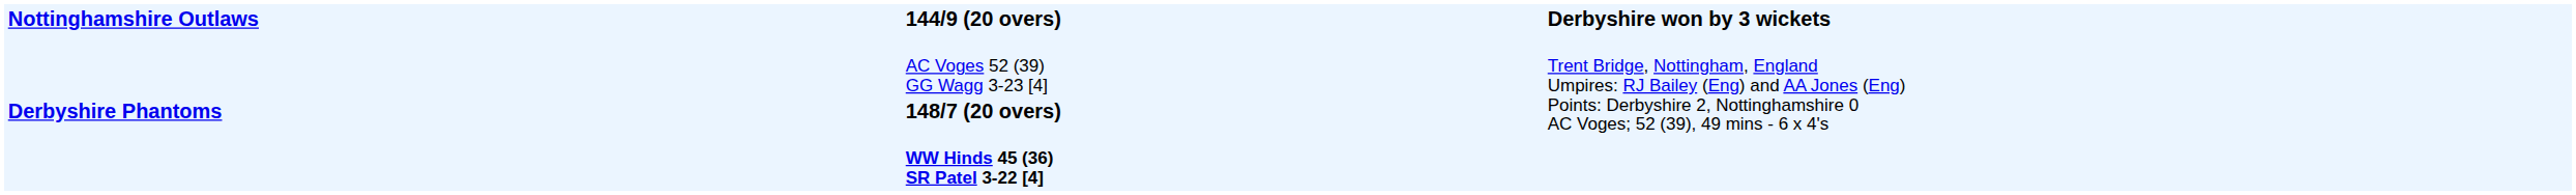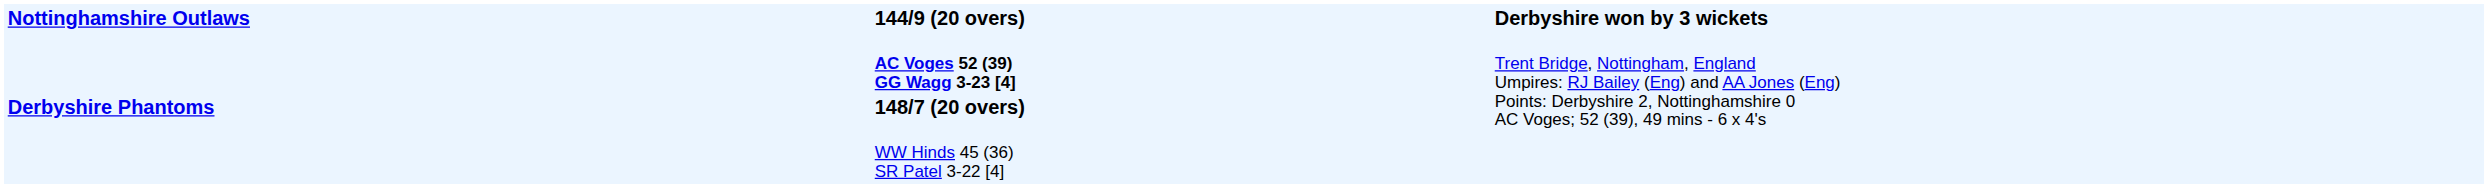 <table style="width:100%; background:#ebf5ff;">
 <tr>
 <td style="width:35%; vertical-align:top;" rowspan="2"><strong><a href='#'>Nottinghamshire Outlaws</a></strong></td>
 <td style="width:25%;"><strong>144/9 (20 overs)</strong></td>
 <td style="width:40%;"><strong>Derbyshire won by 3 wickets</strong></td>
 </tr>
 <tr>
-<td style="font-size: 85%;"><br><a href='#'>AC Voges</a> 52 (39)<br> <a href='#'>GG Wagg</a> 3-23 [4]</td>
+<td style="font-size: 85%;"><strong><br><a href='#'>AC Voges</a> 52 (39)<br> <a href='#'>GG Wagg</a> 3-23 [4]</strong></td>
 <td style="vertical-align:top; font-size:85%;" rowspan="3"><br><a href='#'>Trent Bridge</a>, <a href='#'>Nottingham</a>, <a href='#'>England</a><br> Umpires: <a href='#'>RJ Bailey</a> (<a href='#'>Eng</a>) and <a href='#'>AA Jones</a> (<a href='#'>Eng</a>)<br> Points: Derbyshire 2, Nottinghamshire 0<br>AC Voges; 52 (39), 49 mins - 6 x 4's</td>
 </tr>
 <tr>
 <td style="vertical-align:top;" rowspan="2"><strong><a href='#'>Derbyshire Phantoms</a></strong></td>
 <td><strong>148/7 (20 overs)</strong></td>
 </tr>
 <tr>
-<td style="font-size: 85%;"><strong><br><a href='#'>WW Hinds</a> 45 (36)<br> <a href='#'>SR Patel</a> 3-22 [4]</strong></td>
+<td style="font-size: 85%;"><br><a href='#'>WW Hinds</a> 45 (36)<br> <a href='#'>SR Patel</a> 3-22 [4]</td>
 </tr>
 </table>
